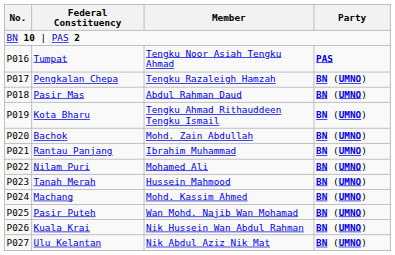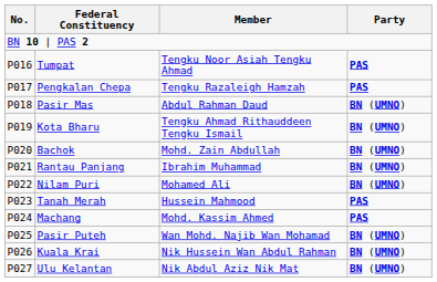 <table class="wikitable sortable">
 <tr>
 <th style="width:30px;">No.</th>
 <th style="width:150px;">Federal Constituency</th>
 <th style="width:230px;">Member</th>
 <th style="width:100px;">Party</th>
 </tr>
 <tr>
 <td colspan="4"><a href='#'>BN</a> <strong>10</strong> | <a href='#'>PAS</a> <strong>2</strong></td>
 </tr>
 <tr>
 <td>P016</td>
 <td><a href='#'>Tumpat</a></td>
 <td><a href='#'>Tengku Noor Asiah Tengku Ahmad</a></td>
 <td><strong><a href='#'>PAS</a></strong></td>
 </tr>
 <tr>
 <td>P017</td>
 <td><a href='#'>Pengkalan Chepa</a></td>
 <td><a href='#'>Tengku Razaleigh Hamzah</a></td>
-<td><strong><a href='#'>BN</a></strong> (<strong><a href='#'>UMNO</a></strong>)</td>
+<td><strong><a href='#'>PAS</a></strong></td>
 </tr>
 <tr>
 <td>P018</td>
 <td><a href='#'>Pasir Mas</a></td>
 <td><a href='#'>Abdul Rahman Daud</a></td>
 <td><strong><a href='#'>BN</a></strong> (<strong><a href='#'>UMNO</a></strong>)</td>
 </tr>
 <tr>
 <td>P019</td>
 <td><a href='#'>Kota Bharu</a></td>
 <td><a href='#'>Tengku Ahmad Rithauddeen Tengku Ismail</a></td>
 <td><strong><a href='#'>BN</a></strong> (<strong><a href='#'>UMNO</a></strong>)</td>
 </tr>
 <tr>
 <td>P020</td>
 <td><a href='#'>Bachok</a></td>
 <td><a href='#'>Mohd. Zain Abdullah</a></td>
 <td><strong><a href='#'>BN</a></strong> (<strong><a href='#'>UMNO</a></strong>)</td>
 </tr>
 <tr>
 <td>P021</td>
 <td><a href='#'>Rantau Panjang</a></td>
 <td><a href='#'>Ibrahim Muhammad</a></td>
 <td><strong><a href='#'>BN</a></strong> (<strong><a href='#'>UMNO</a></strong>)</td>
 </tr>
 <tr>
 <td>P022</td>
 <td><a href='#'>Nilam Puri</a></td>
 <td><a href='#'>Mohamed Ali</a></td>
 <td><strong><a href='#'>BN</a></strong> (<strong><a href='#'>UMNO</a></strong>)</td>
 </tr>
 <tr>
 <td>P023</td>
 <td><a href='#'>Tanah Merah</a></td>
 <td><a href='#'>Hussein Mahmood</a></td>
-<td><strong><a href='#'>BN</a></strong> (<strong><a href='#'>UMNO</a></strong>)</td>
+<td><strong><a href='#'>PAS</a></strong></td>
 </tr>
 <tr>
 <td>P024</td>
 <td><a href='#'>Machang</a></td>
 <td><a href='#'>Mohd. Kassim Ahmed</a></td>
-<td><strong><a href='#'>BN</a></strong> (<strong><a href='#'>UMNO</a></strong>)</td>
+<td><strong><a href='#'>PAS</a></strong></td>
 </tr>
 <tr>
 <td>P025</td>
 <td><a href='#'>Pasir Puteh</a></td>
 <td><a href='#'>Wan Mohd. Najib Wan Mohamad</a></td>
 <td><strong><a href='#'>BN</a></strong> (<strong><a href='#'>UMNO</a></strong>)</td>
 </tr>
 <tr>
 <td>P026</td>
 <td><a href='#'>Kuala Krai</a></td>
 <td><a href='#'>Nik Hussein Wan Abdul Rahman</a></td>
 <td><strong><a href='#'>BN</a></strong> (<strong><a href='#'>UMNO</a></strong>)</td>
 </tr>
 <tr>
 <td>P027</td>
 <td><a href='#'>Ulu Kelantan</a></td>
 <td><a href='#'>Nik Abdul Aziz Nik Mat</a></td>
 <td><strong><a href='#'>BN</a></strong> (<strong><a href='#'>UMNO</a></strong>)</td>
 </tr>
 </table>
